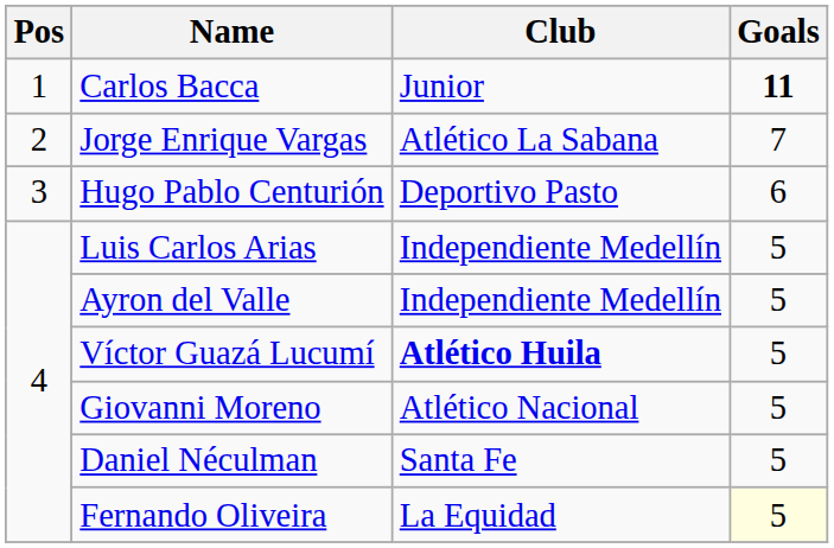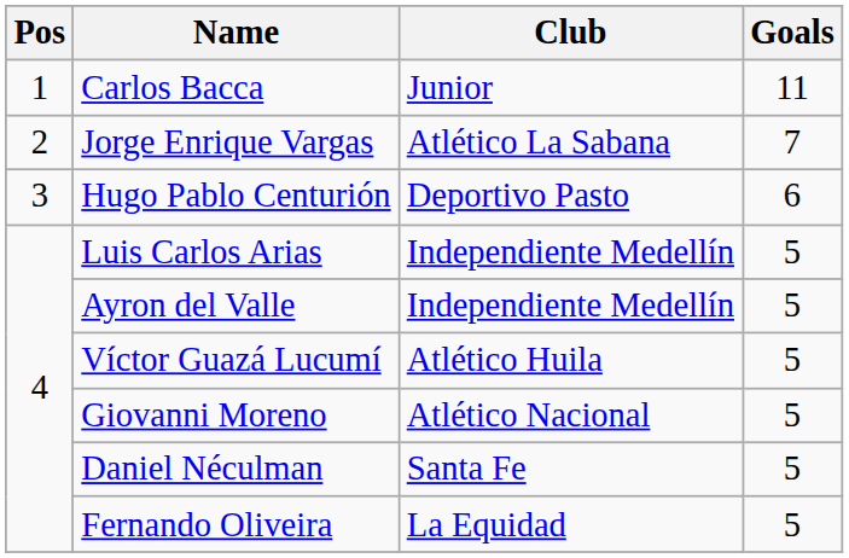 <table class="wikitable" border="1">
 <tr>
 <th width="23">Pos</th>
 <th>Name</th>
 <th>Club</th>
 <th>Goals</th>
 </tr>
 <tr>
 <td align=center>1</td>
 <td> <a href='#'>Carlos Bacca</a></td>
 <td><a href='#'>Junior</a></td>
-<td align=center><strong>11</strong></td>
+<td align=center>11</td>
 </tr>
 <tr>
 <td align=center>2</td>
 <td> <a href='#'>Jorge Enrique Vargas</a></td>
 <td><a href='#'>Atlético La Sabana</a></td>
 <td align=center>7</td>
 </tr>
 <tr>
 <td align=center>3</td>
 <td> <a href='#'>Hugo Pablo Centurión</a></td>
 <td><a href='#'>Deportivo Pasto</a></td>
 <td align=center>6</td>
 </tr>
 <tr>
 <td align=center rowspan=6>4</td>
 <td> <a href='#'>Luis Carlos Arias</a></td>
 <td><a href='#'>Independiente Medellín</a></td>
 <td align=center>5</td>
 </tr>
 <tr>
 <td> <a href='#'>Ayron del Valle</a></td>
 <td><a href='#'>Independiente Medellín</a></td>
 <td align=center>5</td>
 </tr>
 <tr>
 <td> <a href='#'>Víctor Guazá Lucumí</a></td>
-<td><strong><a href='#'>Atlético Huila</a></strong></td>
+<td><a href='#'>Atlético Huila</a></td>
 <td align=center>5</td>
 </tr>
 <tr>
 <td> <a href='#'>Giovanni Moreno</a></td>
 <td><a href='#'>Atlético Nacional</a></td>
 <td align=center>5</td>
 </tr>
 <tr>
 <td> <a href='#'>Daniel Néculman</a></td>
 <td><a href='#'>Santa Fe</a></td>
 <td align=center>5</td>
 </tr>
 <tr>
 <td> <a href='#'>Fernando Oliveira</a></td>
 <td><a href='#'>La Equidad</a></td>
-<td align=center style="background: lightyellow;">5</td>
+<td align=center>5</td>
 </tr>
 </table>
